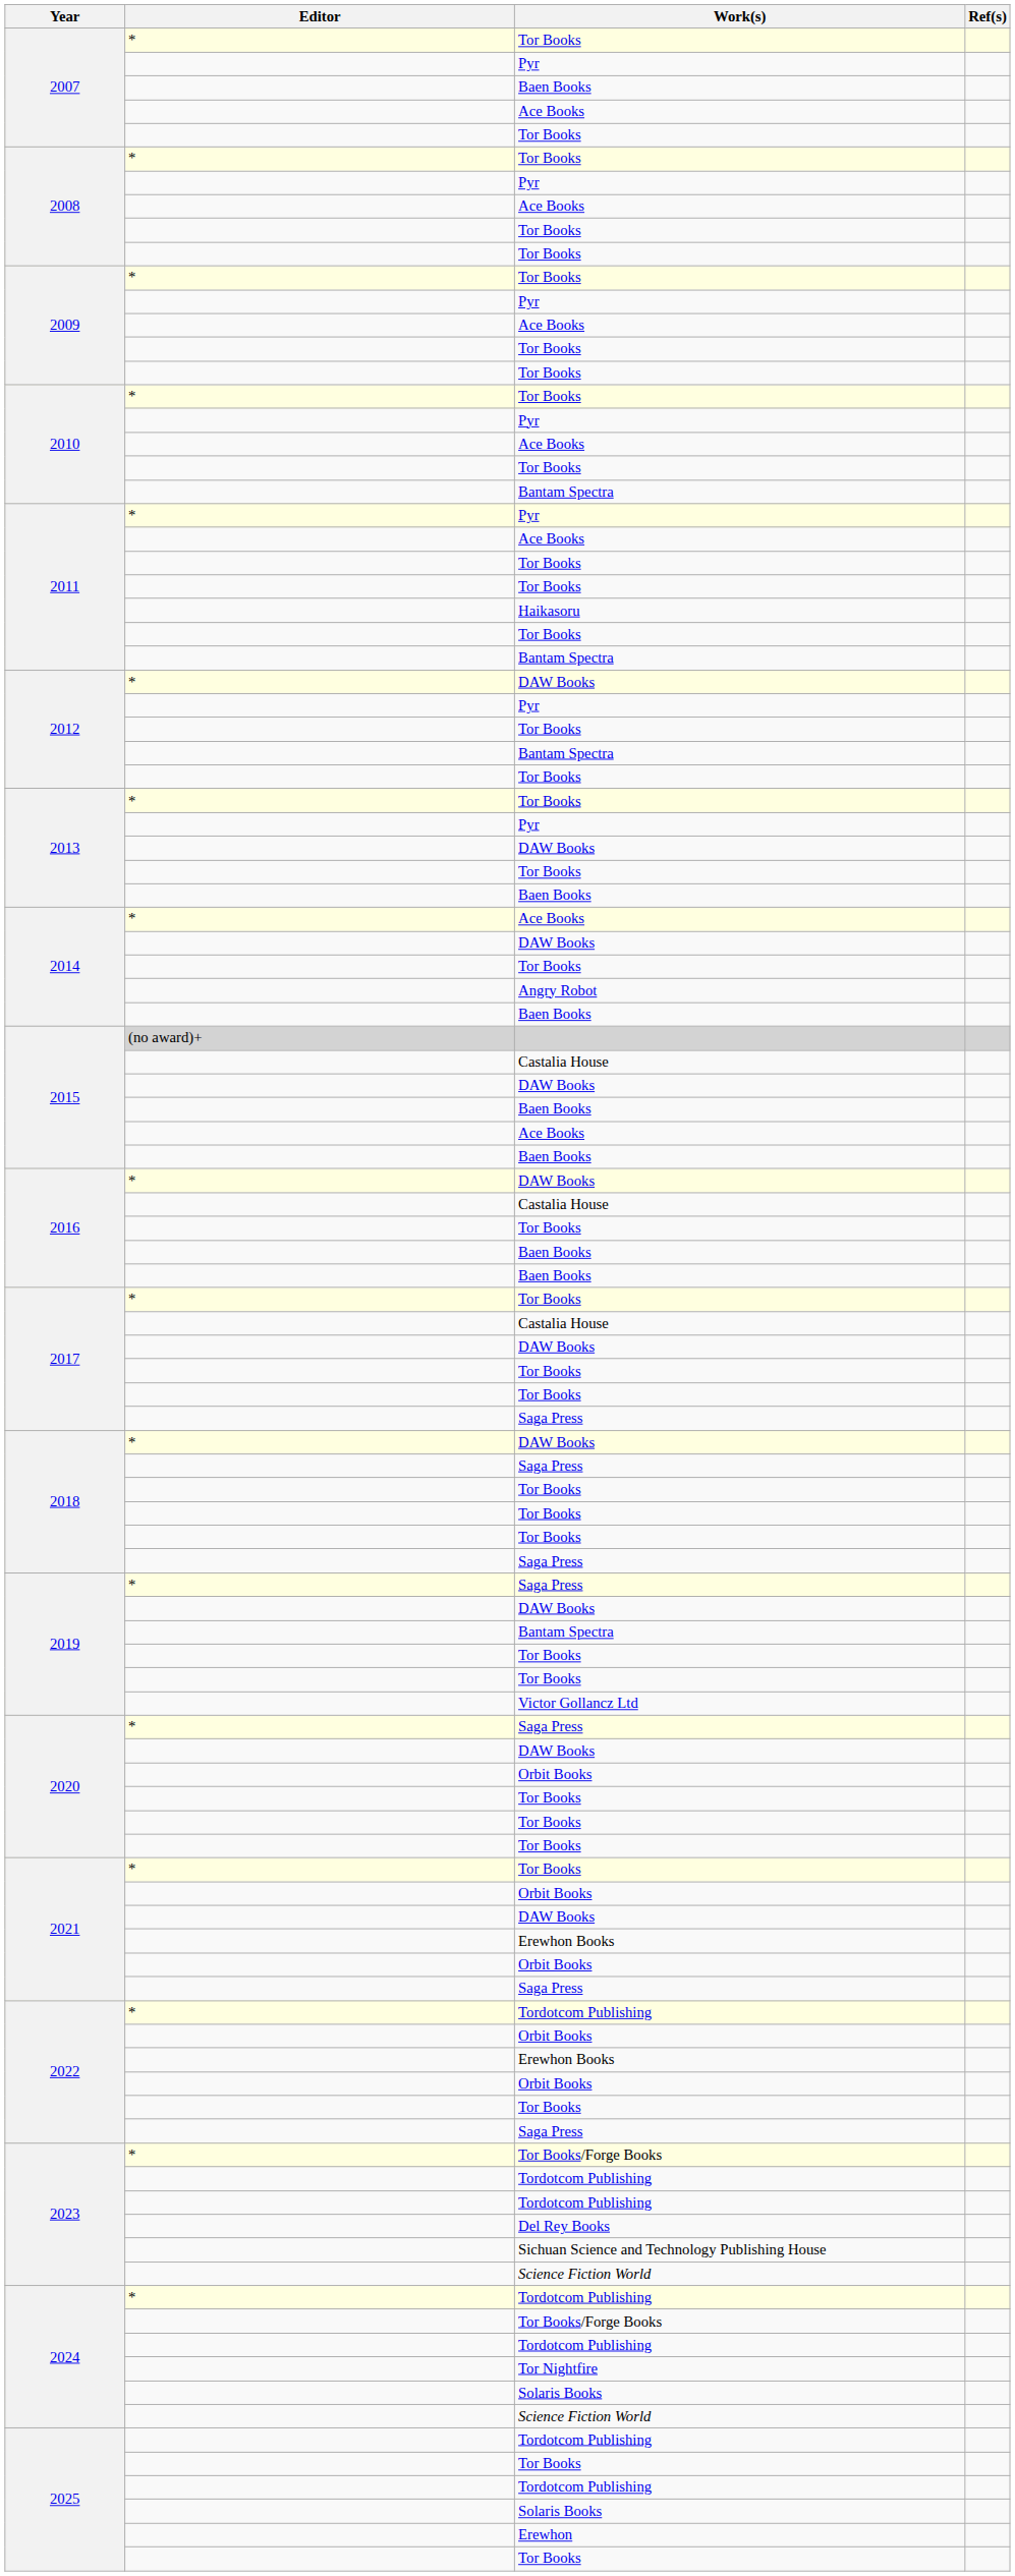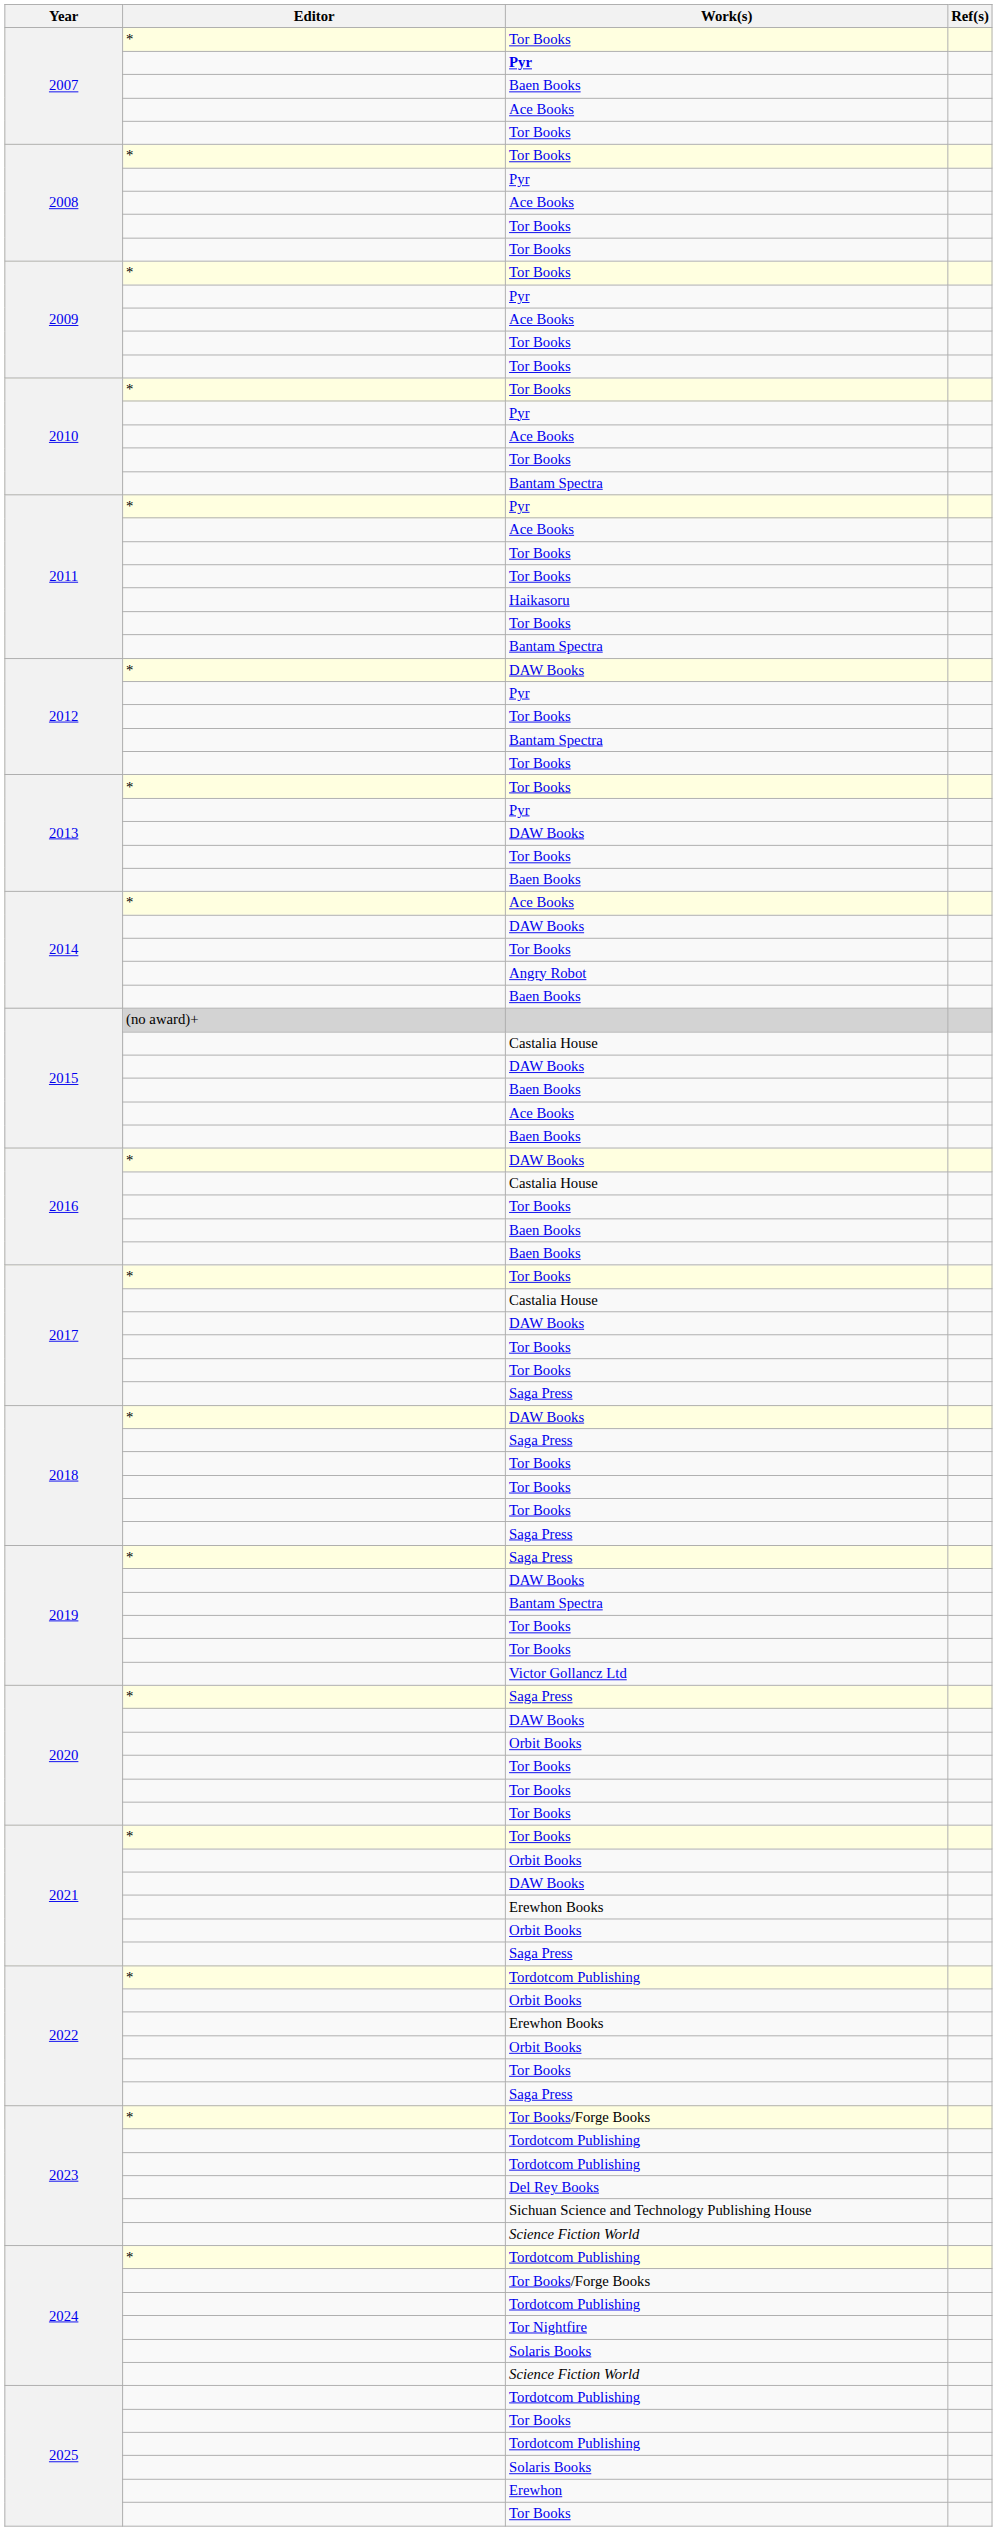 <table class="sortable wikitable" width="85%" cellpadding="5" style="margin: 1em auto 1em auto">
 <tr>
 <th width="12%" scope="col">Year</th>
 <th width="39%" scope="col">Editor</th>
 <th width="45%" class="unsortable" scope="col">Work(s)</th>
 <th width="4%" class="unsortable" scope="col">Ref(s)</th>
 </tr>
 <tr style="background:lightyellow;">
 <th scope="rowgroup" align="center" rowspan="5" style="font-weight:normal;"><a href='#'>2007</a></th>
 <td>*</td>
 <td><a href='#'>Tor Books</a></td>
 <td align="center"></td>
 </tr>
 <tr>
 <td></td>
-<td><a href='#'>Pyr</a></td>
+<td><strong><a href='#'>Pyr</a></strong></td>
 <td align="center"></td>
 </tr>
 <tr>
 <td></td>
 <td><a href='#'>Baen Books</a></td>
 <td align="center"></td>
 </tr>
 <tr>
 <td></td>
 <td><a href='#'>Ace Books</a></td>
 <td align="center"></td>
 </tr>
 <tr>
 <td></td>
 <td><a href='#'>Tor Books</a></td>
 <td align="center"></td>
 </tr>
 <tr style="background:lightyellow;">
 <th scope="rowgroup" align="center" rowspan="5" style="font-weight:normal;"><a href='#'>2008</a></th>
 <td>*</td>
 <td><a href='#'>Tor Books</a></td>
 <td align="center"></td>
 </tr>
 <tr>
 <td></td>
 <td><a href='#'>Pyr</a></td>
 <td align="center"></td>
 </tr>
 <tr>
 <td></td>
 <td><a href='#'>Ace Books</a></td>
 <td align="center"></td>
 </tr>
 <tr>
 <td></td>
 <td><a href='#'>Tor Books</a></td>
 <td align="center"></td>
 </tr>
 <tr>
 <td></td>
 <td><a href='#'>Tor Books</a></td>
 <td align="center"></td>
 </tr>
 <tr style="background:lightyellow;">
 <th scope="rowgroup" align="center" rowspan="5" style="font-weight:normal;"><a href='#'>2009</a></th>
 <td>*</td>
 <td><a href='#'>Tor Books</a></td>
 <td align="center"></td>
 </tr>
 <tr>
 <td></td>
 <td><a href='#'>Pyr</a></td>
 <td align="center"></td>
 </tr>
 <tr>
 <td></td>
 <td><a href='#'>Ace Books</a></td>
 <td align="center"></td>
 </tr>
 <tr>
 <td></td>
 <td><a href='#'>Tor Books</a></td>
 <td align="center"></td>
 </tr>
 <tr>
 <td></td>
 <td><a href='#'>Tor Books</a></td>
 <td align="center"></td>
 </tr>
 <tr style="background:lightyellow;">
 <th scope="rowgroup" align="center" rowspan="5" style="font-weight:normal;"><a href='#'>2010</a></th>
 <td>*</td>
 <td><a href='#'>Tor Books</a></td>
 <td align="center"></td>
 </tr>
 <tr>
 <td></td>
 <td><a href='#'>Pyr</a></td>
 <td align="center"></td>
 </tr>
 <tr>
 <td></td>
 <td><a href='#'>Ace Books</a></td>
 <td align="center"></td>
 </tr>
 <tr>
 <td></td>
 <td><a href='#'>Tor Books</a></td>
 <td align="center"></td>
 </tr>
 <tr>
 <td></td>
 <td><a href='#'>Bantam Spectra</a></td>
 <td align="center"></td>
 </tr>
 <tr style="background:lightyellow;">
 <th scope="rowgroup" align="center" rowspan="7" style="font-weight:normal;"><a href='#'>2011</a></th>
 <td>*</td>
 <td><a href='#'>Pyr</a></td>
 <td align="center"></td>
 </tr>
 <tr>
 <td></td>
 <td><a href='#'>Ace Books</a></td>
 <td align="center"></td>
 </tr>
 <tr>
 <td></td>
 <td><a href='#'>Tor Books</a></td>
 <td align="center"></td>
 </tr>
 <tr>
 <td></td>
 <td><a href='#'>Tor Books</a></td>
 <td align="center"></td>
 </tr>
 <tr>
 <td></td>
 <td><a href='#'>Haikasoru</a></td>
 <td align="center"></td>
 </tr>
 <tr>
 <td></td>
 <td><a href='#'>Tor Books</a></td>
 <td align="center"></td>
 </tr>
 <tr>
 <td></td>
 <td><a href='#'>Bantam Spectra</a></td>
 <td align="center"></td>
 </tr>
 <tr style="background:lightyellow;">
 <th scope="rowgroup" align="center" rowspan="5" style="font-weight:normal;"><a href='#'>2012</a></th>
 <td>*</td>
 <td><a href='#'>DAW Books</a></td>
 <td align="center"></td>
 </tr>
 <tr>
 <td></td>
 <td><a href='#'>Pyr</a></td>
 <td align="center"></td>
 </tr>
 <tr>
 <td></td>
 <td><a href='#'>Tor Books</a></td>
 <td align="center"></td>
 </tr>
 <tr>
 <td></td>
 <td><a href='#'>Bantam Spectra</a></td>
 <td align="center"></td>
 </tr>
 <tr>
 <td></td>
 <td><a href='#'>Tor Books</a></td>
 <td align="center"></td>
 </tr>
 <tr style="background:lightyellow;">
 <th scope="rowgroup" align="center" rowspan="5" style="font-weight:normal;"><a href='#'>2013</a></th>
 <td>*</td>
 <td><a href='#'>Tor Books</a></td>
 <td align="center"></td>
 </tr>
 <tr>
 <td></td>
 <td><a href='#'>Pyr</a></td>
 <td align="center"></td>
 </tr>
 <tr>
 <td></td>
 <td><a href='#'>DAW Books</a></td>
 <td align="center"></td>
 </tr>
 <tr>
 <td></td>
 <td><a href='#'>Tor Books</a></td>
 <td align="center"></td>
 </tr>
 <tr>
 <td></td>
 <td><a href='#'>Baen Books</a></td>
 <td align="center"></td>
 </tr>
 <tr style="background:lightyellow;">
 <th scope="rowgroup" align="center" rowspan="5" style="font-weight:normal;"><a href='#'>2014</a></th>
 <td>*</td>
 <td><a href='#'>Ace Books</a></td>
 <td align="center"></td>
 </tr>
 <tr>
 <td></td>
 <td><a href='#'>DAW Books</a></td>
 <td align="center"></td>
 </tr>
 <tr>
 <td></td>
 <td><a href='#'>Tor Books</a></td>
 <td align="center"></td>
 </tr>
 <tr>
 <td></td>
 <td><a href='#'>Angry Robot</a></td>
 <td align="center"></td>
 </tr>
 <tr>
 <td></td>
 <td><a href='#'>Baen Books</a></td>
 <td align="center"></td>
 </tr>
 <tr style="background:lightgray;">
 <th scope="rowgroup" align="center" rowspan="6" style="font-weight:normal;"><a href='#'>2015</a></th>
 <td>(no award)+</td>
 <td></td>
 <td align="center"></td>
 </tr>
 <tr>
 <td></td>
 <td>Castalia House</td>
 <td align="center"></td>
 </tr>
 <tr>
 <td></td>
 <td><a href='#'>DAW Books</a></td>
 <td align="center"></td>
 </tr>
 <tr>
 <td></td>
 <td><a href='#'>Baen Books</a></td>
 <td align="center"></td>
 </tr>
 <tr>
 <td></td>
 <td><a href='#'>Ace Books</a></td>
 <td align="center"></td>
 </tr>
 <tr>
 <td></td>
 <td><a href='#'>Baen Books</a></td>
 <td align="center"></td>
 </tr>
 <tr style="background:lightyellow;">
 <th scope="rowgroup" align="center" rowspan="5" style="font-weight:normal;"><a href='#'>2016</a></th>
 <td>*</td>
 <td><a href='#'>DAW Books</a></td>
 <td align="center"></td>
 </tr>
 <tr>
 <td></td>
 <td>Castalia House</td>
 <td align="center"></td>
 </tr>
 <tr>
 <td></td>
 <td><a href='#'>Tor Books</a></td>
 <td align="center"></td>
 </tr>
 <tr>
 <td></td>
 <td><a href='#'>Baen Books</a></td>
 <td align="center"></td>
 </tr>
 <tr>
 <td></td>
 <td><a href='#'>Baen Books</a></td>
 <td align="center"></td>
 </tr>
 <tr style="background:lightyellow;">
 <th scope="rowgroup" align="center" rowspan="6" style="font-weight:normal;"><a href='#'>2017</a></th>
 <td>*</td>
 <td><a href='#'>Tor Books</a></td>
 <td align="center"></td>
 </tr>
 <tr>
 <td></td>
 <td>Castalia House</td>
 <td align="center"></td>
 </tr>
 <tr>
 <td></td>
 <td><a href='#'>DAW Books</a></td>
 <td align="center"></td>
 </tr>
 <tr>
 <td></td>
 <td><a href='#'>Tor Books</a></td>
 <td align="center"></td>
 </tr>
 <tr>
 <td></td>
 <td><a href='#'>Tor Books</a></td>
 <td align="center"></td>
 </tr>
 <tr>
 <td></td>
 <td><a href='#'>Saga Press</a></td>
 <td align="center"></td>
 </tr>
 <tr style="background:lightyellow;">
 <th scope="rowgroup" align="center" rowspan="6" style="font-weight:normal;"><a href='#'>2018</a></th>
 <td>*</td>
 <td><a href='#'>DAW Books</a></td>
 <td align="center"></td>
 </tr>
 <tr>
 <td></td>
 <td><a href='#'>Saga Press</a></td>
 <td align="center"></td>
 </tr>
 <tr>
 <td></td>
 <td><a href='#'>Tor Books</a></td>
 <td align="center"></td>
 </tr>
 <tr>
 <td></td>
 <td><a href='#'>Tor Books</a></td>
 <td align="center"></td>
 </tr>
 <tr>
 <td></td>
 <td><a href='#'>Tor Books</a></td>
 <td align="center"></td>
 </tr>
 <tr>
 <td></td>
 <td><a href='#'>Saga Press</a></td>
 <td align="center"></td>
 </tr>
 <tr style="background:lightyellow;">
 <th scope="rowgroup" align="center" rowspan="6" style="font-weight:normal;"><a href='#'>2019</a></th>
 <td>*</td>
 <td><a href='#'>Saga Press</a></td>
 <td align="center"></td>
 </tr>
 <tr>
 <td></td>
 <td><a href='#'>DAW Books</a></td>
 <td align="center"></td>
 </tr>
 <tr>
 <td></td>
 <td><a href='#'>Bantam Spectra</a></td>
 <td align="center"></td>
 </tr>
 <tr>
 <td></td>
 <td><a href='#'>Tor Books</a></td>
 <td align="center"></td>
 </tr>
 <tr>
 <td></td>
 <td><a href='#'>Tor Books</a></td>
 <td align="center"></td>
 </tr>
 <tr>
 <td></td>
 <td><a href='#'>Victor Gollancz Ltd</a></td>
 <td align="center"></td>
 </tr>
 <tr style="background:lightyellow;">
 <th scope="rowgroup" align="center" rowspan="6" style="font-weight:normal;"><a href='#'>2020</a></th>
 <td>*</td>
 <td><a href='#'>Saga Press</a></td>
 <td align="center"></td>
 </tr>
 <tr>
 <td></td>
 <td><a href='#'>DAW Books</a></td>
 <td align="center"></td>
 </tr>
 <tr>
 <td></td>
 <td><a href='#'>Orbit Books</a></td>
 <td align="center"></td>
 </tr>
 <tr>
 <td></td>
 <td><a href='#'>Tor Books</a></td>
 <td align="center"></td>
 </tr>
 <tr>
 <td></td>
 <td><a href='#'>Tor Books</a></td>
 <td align="center"></td>
 </tr>
 <tr>
 <td></td>
 <td><a href='#'>Tor Books</a></td>
 <td align="center"></td>
 </tr>
 <tr style="background:lightyellow;">
 <th scope="rowgroup" align="center" rowspan="6" style="font-weight:normal;"><a href='#'>2021</a></th>
 <td>*</td>
 <td><a href='#'>Tor Books</a></td>
 <td align="center"></td>
 </tr>
 <tr>
 <td></td>
 <td><a href='#'>Orbit Books</a></td>
 <td align="center"></td>
 </tr>
 <tr>
 <td></td>
 <td><a href='#'>DAW Books</a></td>
 <td align="center"></td>
 </tr>
 <tr>
 <td></td>
 <td>Erewhon Books</td>
 <td align="center"></td>
 </tr>
 <tr>
 <td></td>
 <td><a href='#'>Orbit Books</a></td>
 <td align="center"></td>
 </tr>
 <tr>
 <td></td>
 <td><a href='#'>Saga Press</a></td>
 <td align="center"></td>
 </tr>
 <tr style="background:lightyellow;">
 <th scope="rowgroup" align="center" rowspan="6" style="font-weight:normal;"><a href='#'>2022</a></th>
 <td>*</td>
 <td><a href='#'>Tordotcom Publishing</a></td>
 <td align="center"></td>
 </tr>
 <tr>
 <td></td>
 <td><a href='#'>Orbit Books</a></td>
 <td align="center"></td>
 </tr>
 <tr>
 <td></td>
 <td>Erewhon Books</td>
 <td align="center"></td>
 </tr>
 <tr>
 <td></td>
 <td><a href='#'>Orbit Books</a></td>
 <td align="center"></td>
 </tr>
 <tr>
 <td></td>
 <td><a href='#'>Tor Books</a></td>
 <td align="center"></td>
 </tr>
 <tr>
 <td></td>
 <td><a href='#'>Saga Press</a></td>
 <td align="center"></td>
 </tr>
 <tr style="background:lightyellow;">
 <th scope="rowgroup" align="center" rowspan="6" style="font-weight:normal;"><a href='#'>2023</a></th>
 <td>*</td>
 <td><a href='#'>Tor Books</a>/Forge Books</td>
 <td align="center"></td>
 </tr>
 <tr>
 <td></td>
 <td><a href='#'>Tordotcom Publishing</a></td>
 <td align="center"></td>
 </tr>
 <tr>
 <td></td>
 <td><a href='#'>Tordotcom Publishing</a></td>
 <td align="center"></td>
 </tr>
 <tr>
 <td></td>
 <td><a href='#'>Del Rey Books</a></td>
 <td align="center"></td>
 </tr>
 <tr>
 <td></td>
 <td>Sichuan Science and Technology Publishing House</td>
 <td align="center"></td>
 </tr>
 <tr>
 <td></td>
 <td><em>Science Fiction World</em></td>
 <td align="center"></td>
 </tr>
 <tr style="background:lightyellow;">
 <th scope="rowgroup" align="center" rowspan="6" style="font-weight:normal;"><a href='#'>2024</a></th>
 <td>*</td>
 <td><a href='#'>Tordotcom Publishing</a></td>
 <td align="center"></td>
 </tr>
 <tr>
 <td></td>
 <td><a href='#'>Tor Books</a>/Forge Books</td>
 <td align="center"></td>
 </tr>
 <tr>
 <td></td>
 <td><a href='#'>Tordotcom Publishing</a></td>
 <td align="center"></td>
 </tr>
 <tr>
 <td></td>
 <td><a href='#'>Tor Nightfire</a></td>
 <td align="center"></td>
 </tr>
 <tr>
 <td></td>
 <td><a href='#'>Solaris Books</a></td>
 <td align="center"></td>
 </tr>
 <tr>
 <td></td>
 <td><em>Science Fiction World</em></td>
 <td align="center"></td>
 </tr>
 <tr>
 <th scope="rowgroup" align="center" rowspan="6" style="font-weight:normal;"><a href='#'>2025</a></th>
 <td></td>
 <td><a href='#'>Tordotcom Publishing</a></td>
 <td align="center"></td>
 </tr>
 <tr>
 <td></td>
 <td><a href='#'>Tor Books</a></td>
 <td align="center"></td>
 </tr>
 <tr>
 <td></td>
 <td><a href='#'>Tordotcom Publishing</a></td>
 <td align="center"></td>
 </tr>
 <tr>
 <td></td>
 <td><a href='#'>Solaris Books</a></td>
 <td align="center"></td>
 </tr>
 <tr>
 <td></td>
 <td><a href='#'>Erewhon</a></td>
 <td align="center"></td>
 </tr>
 <tr>
 <td></td>
 <td><a href='#'>Tor Books</a></td>
 <td align="center"></td>
 </tr>
 </table>
